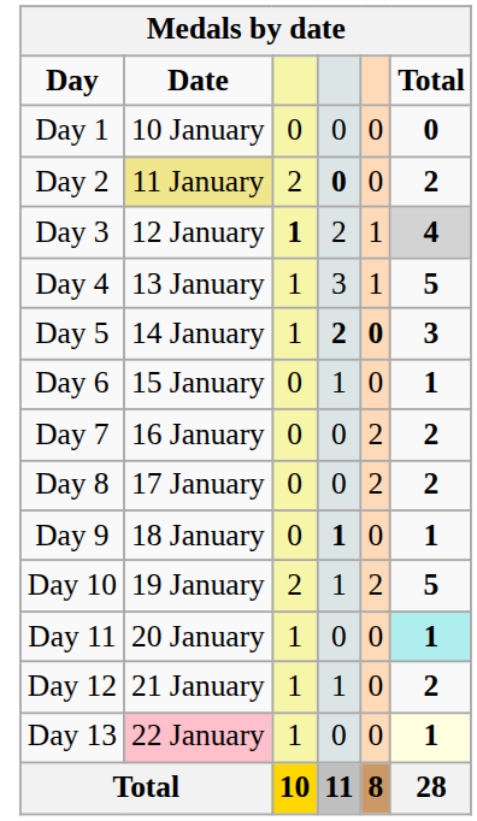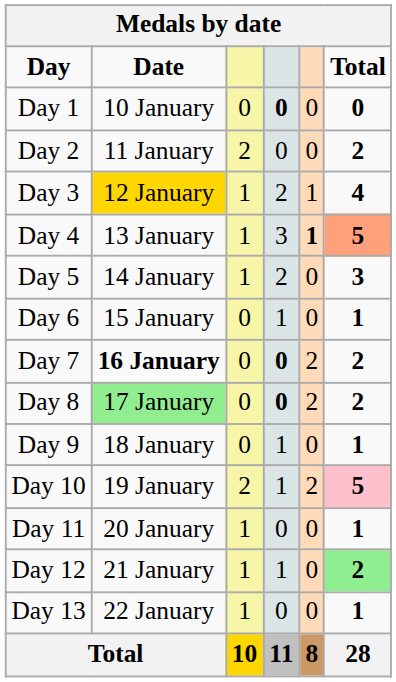 <table class="wikitable" style="text-align:center;font-size:85%;float:right;clear:right;">
 <tr bgcolor=efefef>
 <th colspan=6>Medals by date</th>
 </tr>
 <tr>
 <td><strong>Day</strong></td>
 <td><strong>Date</strong></td>
 <td bgcolor=#f7f6a8></td>
 <td bgcolor=#dce5e5></td>
 <td bgcolor=#ffdab9></td>
 <td><strong>Total</strong></td>
 </tr>
 <tr>
 <td>Day 1</td>
 <td>10 January</td>
 <td bgcolor=F7F6A8>0</td>
-<td bgcolor=DCE5E5>0</td>
+<td bgcolor=DCE5E5><strong>0</strong></td>
 <td bgcolor=FFDAB9>0</td>
 <td><strong>0</strong></td>
 </tr>
 <tr>
 <td>Day 2</td>
-<td style="background: khaki;">11 January</td>
+<td>11 January</td>
 <td bgcolor=F7F6A8>2</td>
-<td bgcolor=DCE5E5><strong>0</strong></td>
+<td bgcolor=DCE5E5>0</td>
 <td bgcolor=FFDAB9>0</td>
 <td><strong>2</strong></td>
 </tr>
 <tr>
 <td>Day 3</td>
-<td>12 January</td>
-<td bgcolor=F7F6A8><strong>1</strong></td>
+<td style="background: gold;">12 January</td>
+<td bgcolor=F7F6A8>1</td>
 <td bgcolor=DCE5E5>2</td>
 <td bgcolor=FFDAB9>1</td>
-<td style="background: lightgrey;"><strong>4</strong></td>
+<td><strong>4</strong></td>
 </tr>
 <tr>
 <td>Day 4</td>
 <td>13 January</td>
 <td bgcolor=F7F6A8>1</td>
 <td bgcolor=DCE5E5>3</td>
-<td bgcolor=FFDAB9>1</td>
-<td><strong>5</strong></td>
+<td bgcolor=FFDAB9><strong>1</strong></td>
+<td style="background: lightsalmon;"><strong>5</strong></td>
 </tr>
 <tr>
 <td>Day 5</td>
 <td>14 January</td>
 <td bgcolor=F7F6A8>1</td>
-<td bgcolor=DCE5E5><strong>2</strong></td>
-<td bgcolor=FFDAB9><strong>0</strong></td>
+<td bgcolor=DCE5E5>2</td>
+<td bgcolor=FFDAB9>0</td>
 <td><strong>3</strong></td>
 </tr>
 <tr>
 <td>Day 6</td>
 <td>15 January</td>
 <td bgcolor=F7F6A8>0</td>
 <td bgcolor=DCE5E5>1</td>
 <td bgcolor=FFDAB9>0</td>
 <td><strong>1</strong></td>
 </tr>
 <tr>
 <td>Day 7</td>
-<td>16 January</td>
+<td><strong>16 January</strong></td>
 <td bgcolor=F7F6A8>0</td>
-<td bgcolor=DCE5E5>0</td>
+<td bgcolor=DCE5E5><strong>0</strong></td>
 <td bgcolor=FFDAB9>2</td>
 <td><strong>2</strong></td>
 </tr>
 <tr>
 <td>Day 8</td>
-<td>17 January</td>
+<td style="background: lightgreen;">17 January</td>
 <td bgcolor=F7F6A8>0</td>
-<td bgcolor=DCE5E5>0</td>
+<td bgcolor=DCE5E5><strong>0</strong></td>
 <td bgcolor=FFDAB9>2</td>
 <td><strong>2</strong></td>
 </tr>
 <tr>
 <td>Day 9</td>
 <td>18 January</td>
 <td bgcolor=F7F6A8>0</td>
-<td bgcolor=DCE5E5><strong>1</strong></td>
+<td bgcolor=DCE5E5>1</td>
 <td bgcolor=FFDAB9>0</td>
 <td><strong>1</strong></td>
 </tr>
 <tr>
 <td>Day 10</td>
 <td>19 January</td>
 <td bgcolor=F7F6A8>2</td>
 <td bgcolor=DCE5E5>1</td>
 <td bgcolor=FFDAB9>2</td>
-<td><strong>5</strong></td>
+<td style="background: pink;"><strong>5</strong></td>
 </tr>
 <tr>
 <td>Day 11</td>
 <td>20 January</td>
 <td bgcolor=F7F6A8>1</td>
 <td bgcolor=DCE5E5>0</td>
 <td bgcolor=FFDAB9>0</td>
-<td style="background: paleturquoise;"><strong>1</strong></td>
+<td><strong>1</strong></td>
 </tr>
 <tr>
 <td>Day 12</td>
 <td>21 January</td>
 <td bgcolor=F7F6A8>1</td>
 <td bgcolor=DCE5E5>1</td>
 <td bgcolor=FFDAB9>0</td>
-<td><strong>2</strong></td>
+<td style="background: lightgreen;"><strong>2</strong></td>
 </tr>
 <tr>
 <td>Day 13</td>
-<td style="background: pink;">22 January</td>
+<td>22 January</td>
 <td bgcolor=F7F6A8>1</td>
 <td bgcolor=DCE5E5>0</td>
 <td bgcolor=FFDAB9>0</td>
-<td style="background: lightyellow;"><strong>1</strong></td>
+<td><strong>1</strong></td>
 </tr>
 <tr>
 <th colspan=2>Total</th>
 <th style="background:gold">10</th>
 <th style="background:silver">11</th>
 <th style="background:#c96">8</th>
 <th>28</th>
 </tr>
 </table>
